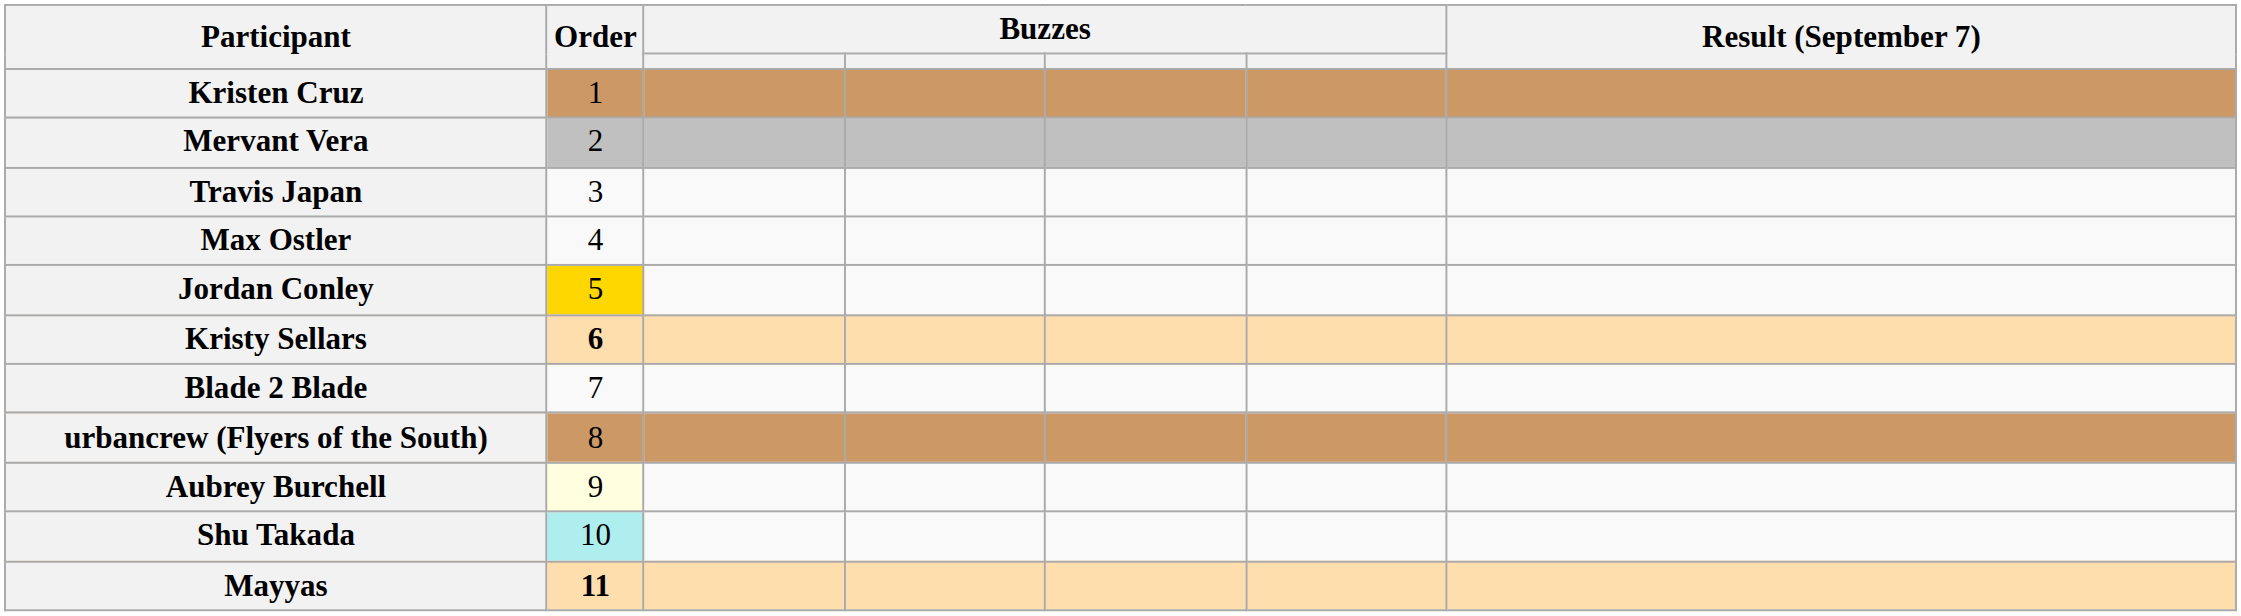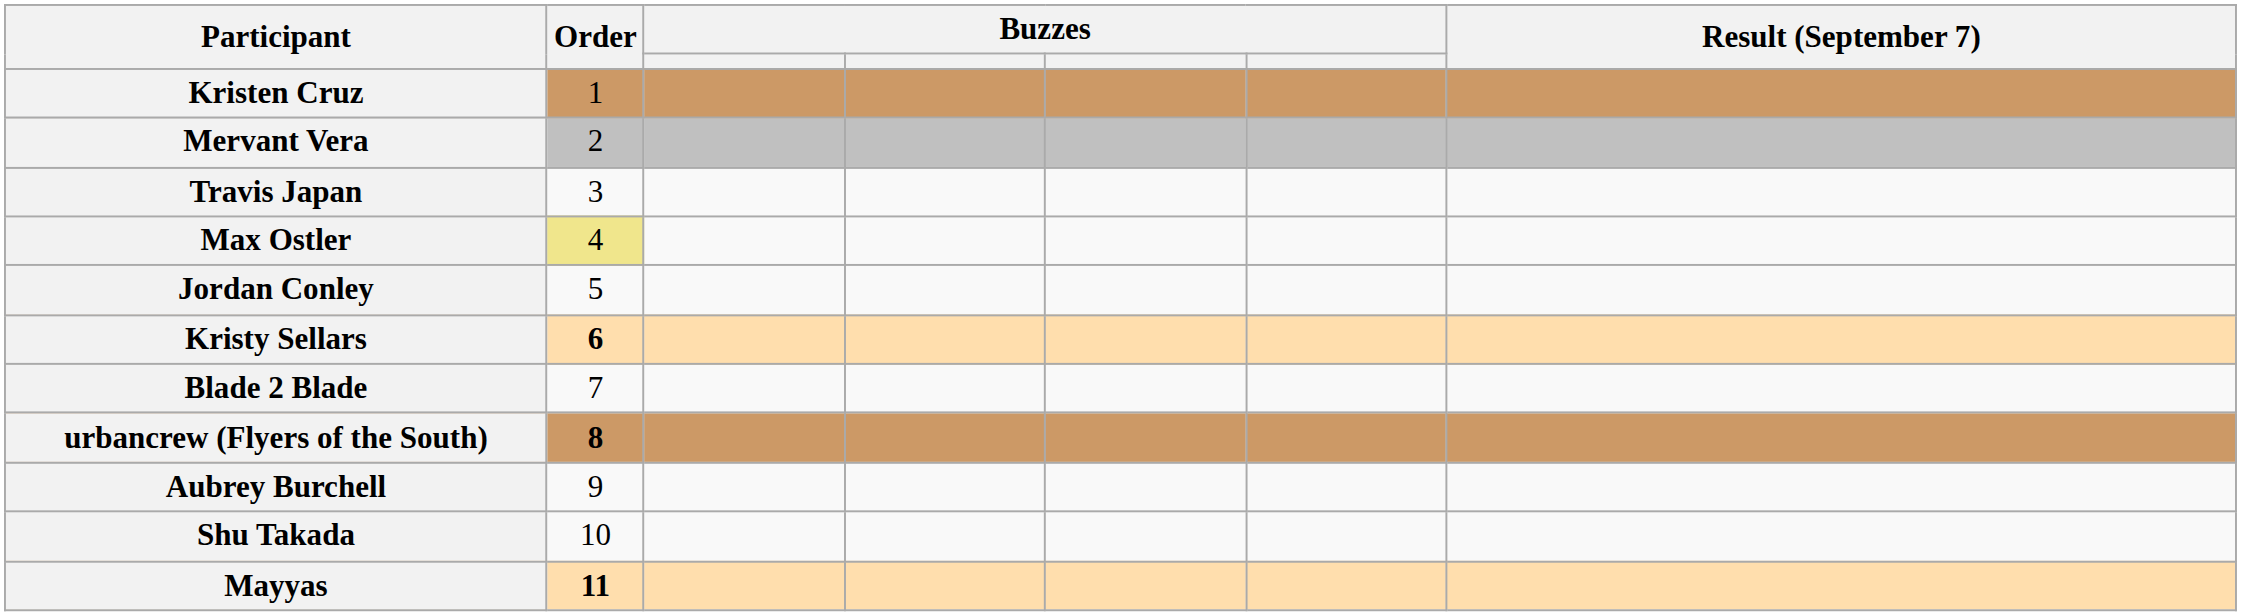 <table class="wikitable plainrowheaders sortable" style="text-align:center;">
 <tr>
 <th scope="col" rowspan="2" class="unsortable" style="width:17em;">Participant</th>
 <th scope="col" rowspan="2" style="width:1em;">Order</th>
 <th scope="col" colspan="4" class="unsortable" style="width:24em;">Buzzes</th>
 <th scope="col" rowspan="2" style="width:25em;">Result (September 7)</th>
 </tr>
 <tr>
 <th scope="col" class="unsortable" style="width:6em;"></th>
 <th scope="col" class="unsortable" style="width:6em;"></th>
 <th scope="col" class="unsortable" style="width:6em;"></th>
 <th scope="col" class="unsortable" style="width:6em;"></th>
 </tr>
 <tr bgcolor=#c96>
 <th scope="row">Kristen Cruz</th>
 <td>1</td>
 <td style="text-align:center;"></td>
 <td style="text-align:center;"></td>
 <td style="text-align:center;"></td>
 <td style="text-align:center;"></td>
 <td></td>
 </tr>
 <tr bgcolor=silver>
 <th scope="row">Mervant Vera</th>
 <td>2</td>
 <td style="text-align:center;"></td>
 <td style="text-align:center;"></td>
 <td style="text-align:center;"></td>
 <td style="text-align:center;"></td>
 <td></td>
 </tr>
 <tr>
 <th scope="row">Travis Japan</th>
 <td>3</td>
 <td style="text-align:center;"></td>
 <td style="text-align:center;"></td>
 <td style="text-align:center;"></td>
 <td style="text-align:center;"></td>
 <td></td>
 </tr>
 <tr>
 <th scope="row">Max Ostler</th>
-<td>4</td>
+<td style="background: khaki;">4</td>
 <td style="text-align:center;"></td>
 <td style="text-align:center;"></td>
 <td style="text-align:center;"></td>
 <td style="text-align:center;"></td>
 <td></td>
 </tr>
 <tr>
 <th scope="row">Jordan Conley</th>
-<td style="background: gold;">5</td>
+<td>5</td>
 <td style="text-align:center;"></td>
 <td style="text-align:center;"></td>
 <td style="text-align:center;"></td>
 <td style="text-align:center;"></td>
 <td></td>
 </tr>
 <tr bgcolor=NavajoWhite>
 <th scope="row"><strong>Kristy Sellars</strong></th>
 <td><strong>6</strong></td>
 <td style="text-align:center;"></td>
 <td style="text-align:center;"></td>
 <td style="text-align:center;"></td>
 <td style="text-align:center;"></td>
 <td><strong></strong></td>
 </tr>
 <tr>
 <th scope="row">Blade 2 Blade</th>
 <td>7</td>
 <td style="text-align:center;"></td>
 <td style="text-align:center;"></td>
 <td style="text-align:center;"></td>
 <td style="text-align:center;"></td>
 <td></td>
 </tr>
 <tr bgcolor=#c96>
 <th scope="row">urbancrew (Flyers of the South)</th>
-<td>8</td>
+<td><strong>8</strong></td>
 <td style="text-align:center;"></td>
 <td style="text-align:center;"></td>
 <td style="text-align:center;"></td>
 <td style="text-align:center;"></td>
 <td></td>
 </tr>
 <tr>
 <th scope="row">Aubrey Burchell</th>
-<td style="background: lightyellow;">9</td>
+<td>9</td>
 <td style="text-align:center;"></td>
 <td style="text-align:center;"></td>
 <td style="text-align:center;"></td>
 <td style="text-align:center;"></td>
 <td></td>
 </tr>
 <tr>
 <th scope="row">Shu Takada</th>
-<td style="background: paleturquoise;">10</td>
+<td>10</td>
 <td style="text-align:center;"></td>
 <td style="text-align:center;"></td>
 <td style="text-align:center;"></td>
 <td style="text-align:center;"></td>
 <td></td>
 </tr>
 <tr bgcolor=NavajoWhite>
 <th scope="row"><strong>Mayyas</strong></th>
 <td><strong>11</strong></td>
 <td style="text-align:center;"></td>
 <td style="text-align:center;"></td>
 <td style="text-align:center;"></td>
 <td style="text-align:center;"></td>
 <td><strong></strong></td>
 </tr>
 </table>
